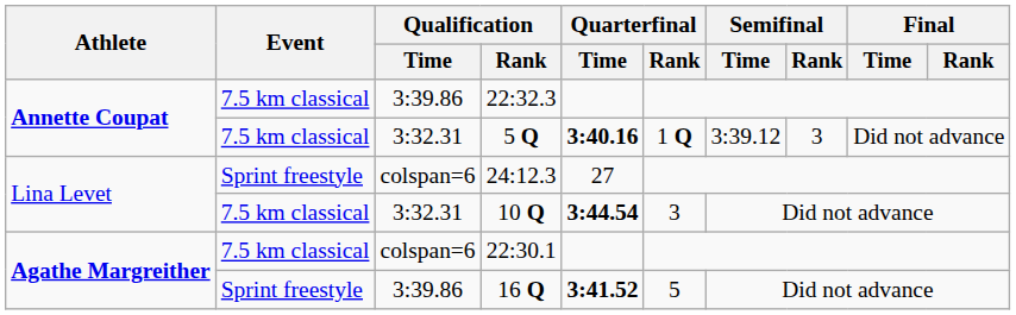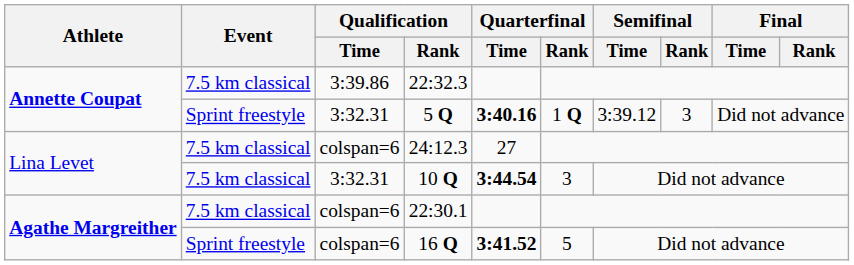 <table class="wikitable" style="font-size:90%">
 <tr>
 <th rowspan="2">Athlete</th>
 <th rowspan="2">Event</th>
 <th colspan="2">Qualification</th>
 <th colspan="2">Quarterfinal</th>
 <th colspan="2">Semifinal</th>
 <th colspan="2">Final</th>
 </tr>
 <tr style="font-size:95%">
 <th>Time</th>
 <th>Rank</th>
 <th>Time</th>
 <th>Rank</th>
 <th>Time</th>
 <th>Rank</th>
 <th>Time</th>
 <th>Rank</th>
 </tr>
 <tr align=center>
 <td align=left rowspan=2><strong><a href='#'>Annette Coupat</a></strong></td>
 <td align=left><a href='#'>7.5 km classical</a></td>
 <td>3:39.86</td>
 <td>22:32.3</td>
 <td></td>
 </tr>
 <tr align=center>
-<td align=left><a href='#'>7.5 km classical</a></td>
+<td align=left><a href='#'>Sprint freestyle</a></td>
 <td>3:32.31</td>
 <td>5 <strong>Q</strong></td>
 <td><strong>3:40.16</strong></td>
 <td>1 <strong>Q</strong></td>
 <td>3:39.12</td>
 <td>3</td>
 <td colspan=2>Did not advance</td>
 </tr>
 <tr align=center>
 <td align=left rowspan=2><a href='#'>Lina Levet</a></td>
-<td align=left><a href='#'>Sprint freestyle</a></td>
+<td align=left><a href='#'>7.5 km classical</a></td>
 <td>colspan=6</td>
 <td>24:12.3</td>
 <td>27</td>
 </tr>
 <tr align=center>
 <td align=left><a href='#'>7.5 km classical</a></td>
 <td>3:32.31</td>
 <td>10 <strong>Q</strong></td>
 <td><strong>3:44.54</strong></td>
 <td>3</td>
 <td colspan=4>Did not advance</td>
 </tr>
 <tr align=center>
 <td align=left rowspan=2><strong><a href='#'>Agathe Margreither</a></strong></td>
 <td align=left><a href='#'>7.5 km classical</a></td>
 <td>colspan=6</td>
 <td>22:30.1</td>
 <td></td>
 </tr>
 <tr align=center>
 <td align=left><a href='#'>Sprint freestyle</a></td>
-<td>3:39.86</td>
+<td>colspan=6</td>
 <td>16 <strong>Q</strong></td>
 <td><strong>3:41.52</strong></td>
 <td>5</td>
 <td colspan=4>Did not advance</td>
 </tr>
 </table>
